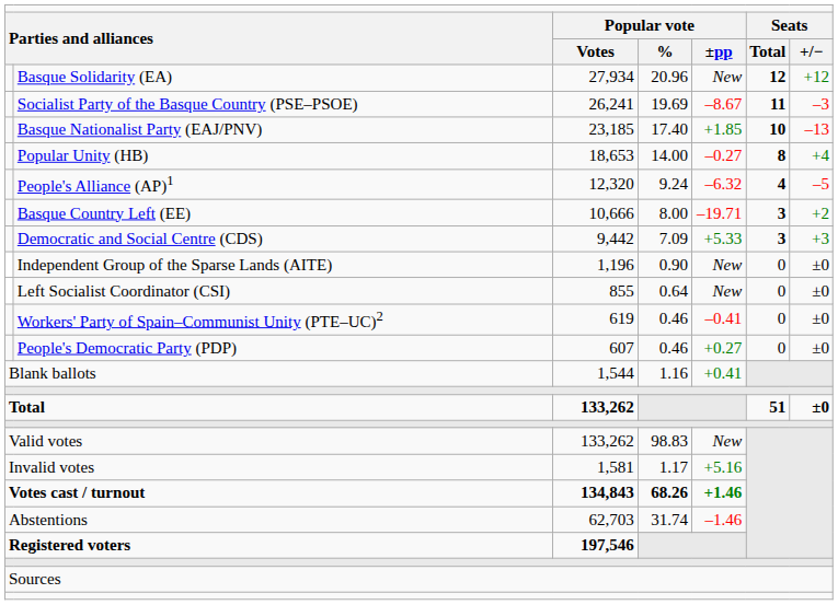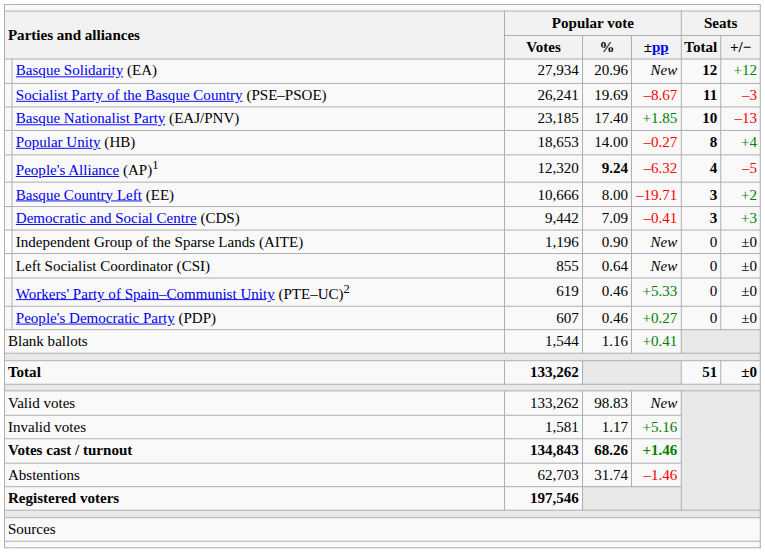 <table class="wikitable" style="text-align:right;">
 <tr>
 <td colspan="7"></td>
 </tr>
 <tr>
 <th style="text-align:left;" rowspan="2" colspan="2" width="525">Parties and alliances</th>
 <th colspan="3">Popular vote</th>
 <th colspan="2">Seats</th>
 </tr>
 <tr>
 <th width="75">Votes</th>
 <th width="45">%</th>
 <th width="45">±<a href='#'>pp</a></th>
 <th width="35">Total</th>
 <th width="35">+/−</th>
 </tr>
 <tr>
 <td width="1" style="color:inherit;background:"></td>
 <td align="left"><a href='#'>Basque Solidarity</a> (EA)</td>
 <td>27,934</td>
 <td>20.96</td>
 <td><em>New</em></td>
 <td><strong>12</strong></td>
 <td style="color:green;">+12</td>
 </tr>
 <tr>
 <td style="color:inherit;background:"></td>
 <td align="left"><a href='#'>Socialist Party of the Basque Country</a> (PSE–PSOE)</td>
 <td>26,241</td>
 <td>19.69</td>
 <td style="color:red;">–8.67</td>
 <td><strong>11</strong></td>
 <td style="color:red;">–3</td>
 </tr>
 <tr>
 <td style="color:inherit;background:"></td>
 <td align="left"><a href='#'>Basque Nationalist Party</a> (EAJ/PNV)</td>
 <td>23,185</td>
 <td>17.40</td>
 <td style="color:green;">+1.85</td>
 <td><strong>10</strong></td>
 <td style="color:red;">–13</td>
 </tr>
 <tr>
 <td style="color:inherit;background:"></td>
 <td align="left"><a href='#'>Popular Unity</a> (HB)</td>
 <td>18,653</td>
 <td>14.00</td>
 <td style="color:red;">–0.27</td>
 <td><strong>8</strong></td>
 <td style="color:green;">+4</td>
 </tr>
 <tr>
 <td style="color:inherit;background:"></td>
 <td align="left"><a href='#'>People's Alliance</a> (AP)<sup>1</sup></td>
 <td>12,320</td>
-<td>9.24</td>
+<td><strong>9.24</strong></td>
 <td style="color:red;">–6.32</td>
 <td><strong>4</strong></td>
 <td style="color:red;">–5</td>
 </tr>
 <tr>
 <td style="color:inherit;background:"></td>
 <td align="left"><a href='#'>Basque Country Left</a> (EE)</td>
 <td>10,666</td>
 <td>8.00</td>
 <td style="color:red;">–19.71</td>
 <td><strong>3</strong></td>
 <td style="color:green;">+2</td>
 </tr>
 <tr>
 <td style="color:inherit;background:"></td>
 <td align="left"><a href='#'>Democratic and Social Centre</a> (CDS)</td>
 <td>9,442</td>
 <td>7.09</td>
-<td style="color:green;">+5.33</td>
+<td style="color:red;">–0.41</td>
 <td><strong>3</strong></td>
 <td style="color:green;">+3</td>
 </tr>
 <tr>
 <td bgcolor="white"></td>
 <td align="left">Independent Group of the Sparse Lands (AITE)</td>
 <td>1,196</td>
 <td>0.90</td>
 <td><em>New</em></td>
 <td>0</td>
 <td>±0</td>
 </tr>
 <tr>
 <td bgcolor="white"></td>
 <td align="left">Left Socialist Coordinator (CSI)</td>
 <td>855</td>
 <td>0.64</td>
 <td><em>New</em></td>
 <td>0</td>
 <td>±0</td>
 </tr>
 <tr>
 <td style="color:inherit;background:"></td>
 <td align="left"><a href='#'>Workers' Party of Spain–Communist Unity</a> (PTE–UC)<sup>2</sup></td>
 <td>619</td>
 <td>0.46</td>
-<td style="color:red;">–0.41</td>
+<td style="color:green;">+5.33</td>
 <td>0</td>
 <td>±0</td>
 </tr>
 <tr>
 <td style="color:inherit;background:"></td>
 <td align="left"><a href='#'>People's Democratic Party</a> (PDP)</td>
 <td>607</td>
 <td>0.46</td>
 <td style="color:green;">+0.27</td>
 <td>0</td>
 <td>±0</td>
 </tr>
 <tr>
 <td align="left" colspan="2">Blank ballots</td>
 <td>1,544</td>
 <td>1.16</td>
 <td style="color:green;">+0.41</td>
 <td bgcolor="#E9E9E9" colspan="2"></td>
 </tr>
 <tr>
 <td colspan="7" bgcolor="#E9E9E9"></td>
 </tr>
 <tr style="font-weight:bold;">
 <td align="left" colspan="2">Total</td>
 <td>133,262</td>
 <td bgcolor="#E9E9E9" colspan="2"></td>
 <td>51</td>
 <td>±0</td>
 </tr>
 <tr>
 <td colspan="7" bgcolor="#E9E9E9"></td>
 </tr>
 <tr>
 <td align="left" colspan="2">Valid votes</td>
 <td>133,262</td>
 <td>98.83</td>
 <td><em>New</em></td>
 <td bgcolor="#E9E9E9" colspan="2" rowspan="5"></td>
 </tr>
 <tr>
 <td align="left" colspan="2">Invalid votes</td>
 <td>1,581</td>
 <td>1.17</td>
 <td style="color:green;">+5.16</td>
 </tr>
 <tr style="font-weight:bold;">
 <td align="left" colspan="2">Votes cast / turnout</td>
 <td>134,843</td>
 <td>68.26</td>
 <td style="color:green;">+1.46</td>
 </tr>
 <tr>
 <td align="left" colspan="2">Abstentions</td>
 <td>62,703</td>
 <td>31.74</td>
 <td style="color:red;">–1.46</td>
 </tr>
 <tr style="font-weight:bold;">
 <td align="left" colspan="2">Registered voters</td>
 <td>197,546</td>
 <td bgcolor="#E9E9E9" colspan="2"></td>
 </tr>
 <tr>
 <td colspan="7" bgcolor="#E9E9E9"></td>
 </tr>
 <tr>
 <td align="left" colspan="7">Sources</td>
 </tr>
 <tr>
 <td colspan="7" style="text-align:left; max-width:790px;"></td>
 </tr>
 </table>
